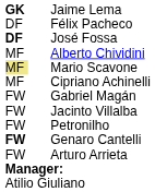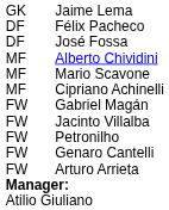 <table cellspacing="0" cellpadding="0" style="font-size:90%; margin:0.2em auto;">
 <tr>
 <th width="25"></th>
 <th width="25"></th>
 </tr>
 <tr>
-<td><strong>GK</strong></td>
+<td>GK</td>
 <td></td>
 <td> Jaime Lema</td>
 </tr>
 <tr>
 <td>DF</td>
 <td></td>
 <td> Félix Pacheco</td>
 </tr>
 <tr>
-<td><strong>DF</strong></td>
+<td>DF</td>
 <td></td>
 <td> José Fossa</td>
 </tr>
 <tr>
 <td>MF</td>
 <td></td>
 <td> <a href='#'>Alberto Chividini</a></td>
 </tr>
 <tr>
-<td style="background: khaki;">MF</td>
+<td>MF</td>
 <td></td>
 <td> Mario Scavone</td>
 </tr>
 <tr>
 <td>MF</td>
 <td></td>
 <td> Cipriano Achinelli</td>
 </tr>
 <tr>
 <td>FW</td>
 <td></td>
 <td> Gabriel Magán</td>
 </tr>
 <tr>
 <td>FW</td>
 <td></td>
 <td> Jacinto Villalba</td>
 </tr>
 <tr>
 <td>FW</td>
 <td></td>
 <td> Petronilho</td>
 </tr>
 <tr>
-<td><strong>FW</strong></td>
+<td>FW</td>
 <td></td>
 <td> Genaro Cantelli</td>
 </tr>
 <tr>
 <td>FW</td>
 <td></td>
 <td> Arturo Arrieta</td>
 </tr>
 <tr>
 <td colspan=4><strong>Manager:</strong></td>
 </tr>
 <tr>
 <td colspan="4"> Atilio Giuliano</td>
 </tr>
 </table>
